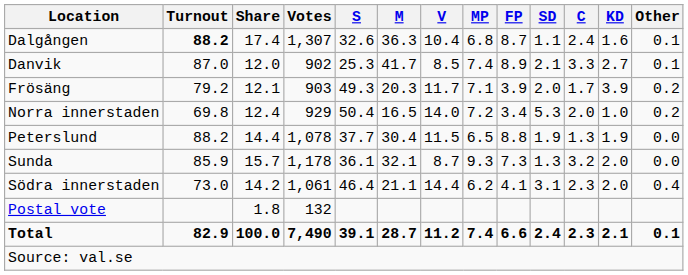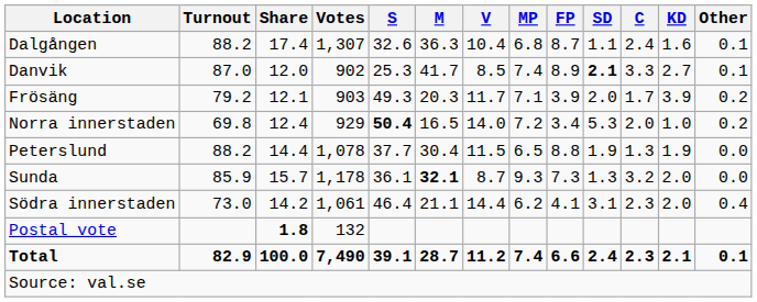 <table class="wikitable sortable" style=text-align:right>
 <tr>
 <th>Location</th>
 <th>Turnout</th>
 <th>Share</th>
 <th>Votes</th>
 <th><a href='#'>S</a></th>
 <th><a href='#'>M</a></th>
 <th><a href='#'>V</a></th>
 <th><a href='#'>MP</a></th>
 <th><a href='#'>FP</a></th>
 <th><a href='#'>SD</a></th>
 <th><a href='#'>C</a></th>
 <th><a href='#'>KD</a></th>
 <th>Other</th>
 </tr>
 <tr>
 <td align=left>Dalgången</td>
-<td><strong>88.2</strong></td>
+<td>88.2</td>
 <td>17.4</td>
 <td>1,307</td>
 <td>32.6</td>
 <td>36.3</td>
 <td>10.4</td>
 <td>6.8</td>
 <td>8.7</td>
 <td>1.1</td>
 <td>2.4</td>
 <td>1.6</td>
 <td>0.1</td>
 </tr>
 <tr>
 <td align=left>Danvik</td>
 <td>87.0</td>
 <td>12.0</td>
 <td>902</td>
 <td>25.3</td>
 <td>41.7</td>
 <td>8.5</td>
 <td>7.4</td>
 <td>8.9</td>
-<td>2.1</td>
+<td><strong>2.1</strong></td>
 <td>3.3</td>
 <td>2.7</td>
 <td>0.1</td>
 </tr>
 <tr>
 <td align=left>Frösäng</td>
 <td>79.2</td>
 <td>12.1</td>
 <td>903</td>
 <td>49.3</td>
 <td>20.3</td>
 <td>11.7</td>
 <td>7.1</td>
 <td>3.9</td>
 <td>2.0</td>
 <td>1.7</td>
 <td>3.9</td>
 <td>0.2</td>
 </tr>
 <tr>
 <td align=left>Norra innerstaden</td>
 <td>69.8</td>
 <td>12.4</td>
 <td>929</td>
-<td>50.4</td>
+<td><strong>50.4</strong></td>
 <td>16.5</td>
 <td>14.0</td>
 <td>7.2</td>
 <td>3.4</td>
 <td>5.3</td>
 <td>2.0</td>
 <td>1.0</td>
 <td>0.2</td>
 </tr>
 <tr>
 <td align=left>Peterslund</td>
 <td>88.2</td>
 <td>14.4</td>
 <td>1,078</td>
 <td>37.7</td>
 <td>30.4</td>
 <td>11.5</td>
 <td>6.5</td>
 <td>8.8</td>
 <td>1.9</td>
 <td>1.3</td>
 <td>1.9</td>
 <td>0.0</td>
 </tr>
 <tr>
 <td align=left>Sunda</td>
 <td>85.9</td>
 <td>15.7</td>
 <td>1,178</td>
 <td>36.1</td>
-<td>32.1</td>
+<td><strong>32.1</strong></td>
 <td>8.7</td>
 <td>9.3</td>
 <td>7.3</td>
 <td>1.3</td>
 <td>3.2</td>
 <td>2.0</td>
 <td>0.0</td>
 </tr>
 <tr>
 <td align=left>Södra innerstaden</td>
 <td>73.0</td>
 <td>14.2</td>
 <td>1,061</td>
 <td>46.4</td>
 <td>21.1</td>
 <td>14.4</td>
 <td>6.2</td>
 <td>4.1</td>
 <td>3.1</td>
 <td>2.3</td>
 <td>2.0</td>
 <td>0.4</td>
 </tr>
 <tr>
 <td align=left><a href='#'>Postal vote</a></td>
 <td></td>
-<td>1.8</td>
+<td><strong>1.8</strong></td>
 <td>132</td>
 <td></td>
 <td></td>
 <td></td>
 <td></td>
 <td></td>
 <td></td>
 <td></td>
 <td></td>
 <td></td>
 </tr>
 <tr>
 <td align=left><strong>Total</strong></td>
 <td><strong>82.9</strong></td>
 <td><strong>100.0</strong></td>
 <td><strong>7,490</strong></td>
 <td><strong>39.1</strong></td>
 <td><strong>28.7</strong></td>
 <td><strong>11.2</strong></td>
 <td><strong>7.4</strong></td>
 <td><strong>6.6</strong></td>
 <td><strong>2.4</strong></td>
 <td><strong>2.3</strong></td>
 <td><strong>2.1</strong></td>
 <td><strong>0.1</strong></td>
 </tr>
 <tr>
 <td align=left colspan=13>Source: val.se </td>
 </tr>
 </table>
